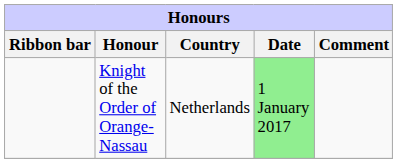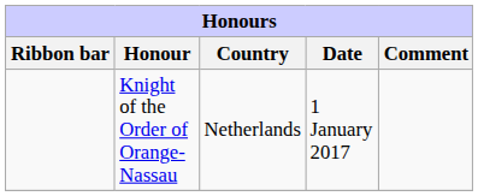 <table class="wikitable" style="width:60%;">
 <tr style="background:#ccf; text-align:center;">
 <td colspan=5><strong>Honours</strong></td>
 </tr>
 <tr>
 <th style="width:80px;">Ribbon bar</th>
 <th>Honour</th>
 <th>Country</th>
 <th>Date</th>
 <th>Comment</th>
 </tr>
 <tr>
 <td></td>
 <td><a href='#'>Knight</a> of the <a href='#'>Order of Orange-Nassau</a></td>
 <td>Netherlands</td>
-<td style="background: lightgreen;">1 January 2017</td>
+<td>1 January 2017</td>
 <td></td>
 </tr>
 <tr>
 </tr>
 </table>
